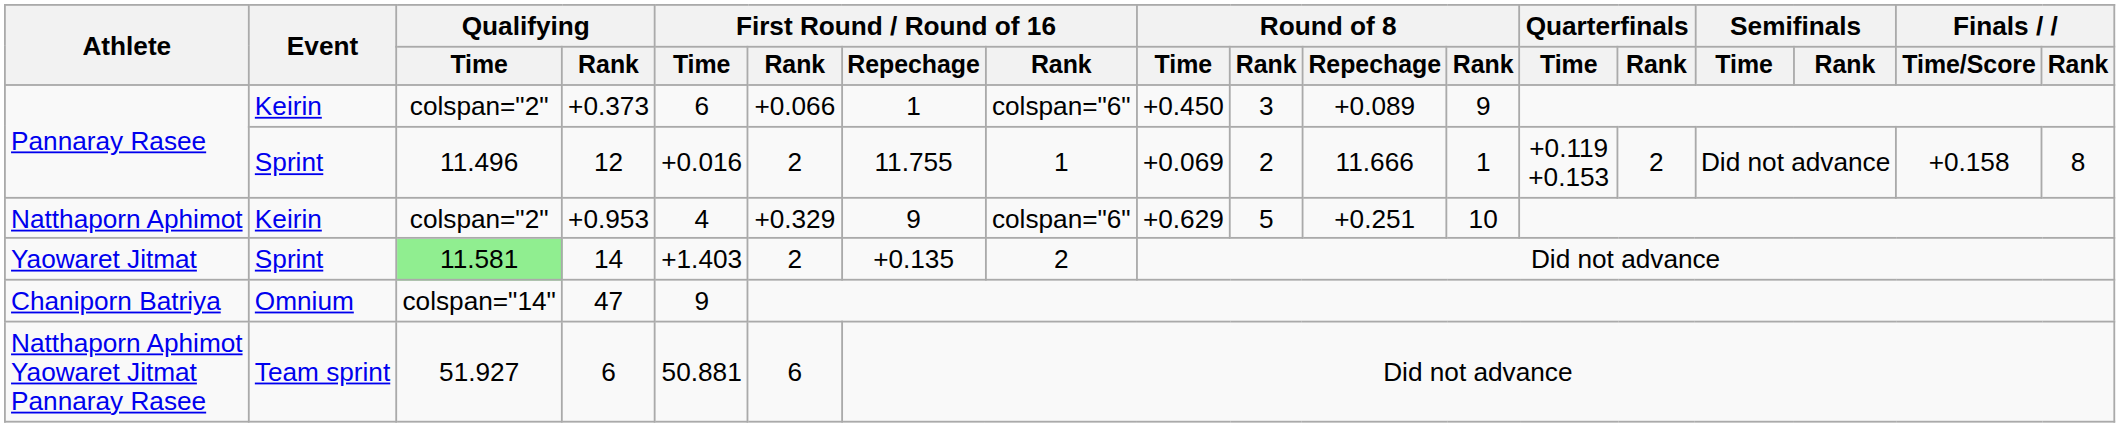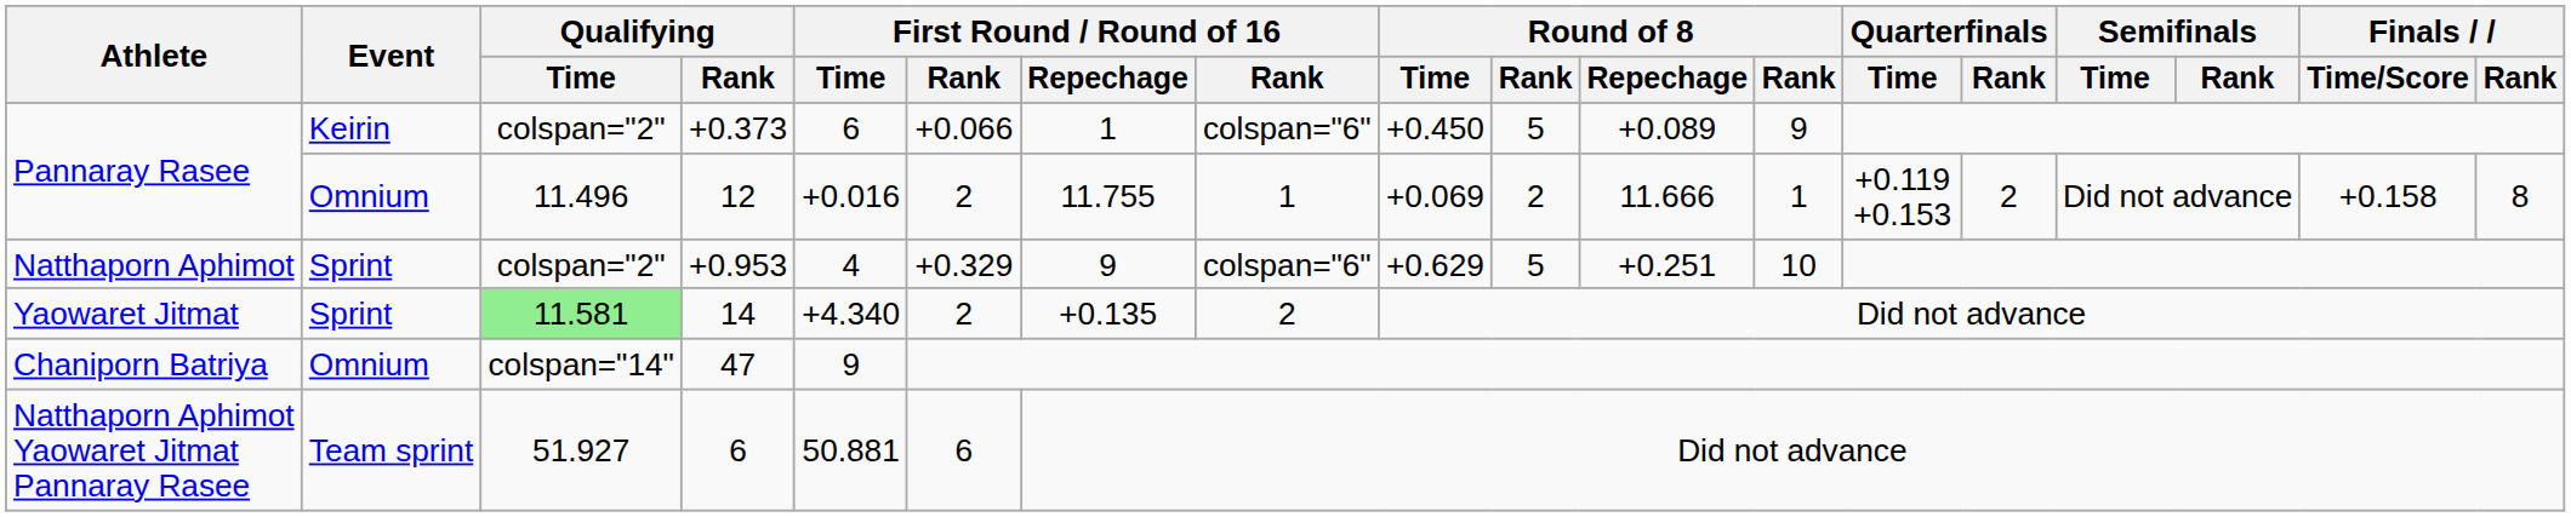 <table class="wikitable" style="font-size:90%;text-align:center">
 <tr>
 <th rowspan="2">Athlete</th>
 <th rowspan="2">Event</th>
 <th colspan="2">Qualifying</th>
 <th colspan="4">First Round / Round of 16</th>
 <th colspan="4">Round of 8</th>
 <th colspan="2">Quarterfinals</th>
 <th colspan="2">Semifinals</th>
 <th colspan="2">Finals /  / </th>
 </tr>
 <tr style=font-size:95%>
 <th>Time</th>
 <th>Rank</th>
 <th>Time</th>
 <th>Rank</th>
 <th>Repechage</th>
 <th>Rank</th>
 <th>Time</th>
 <th>Rank</th>
 <th>Repechage</th>
 <th>Rank</th>
 <th>Time</th>
 <th>Rank</th>
 <th>Time</th>
 <th>Rank</th>
 <th>Time/Score</th>
 <th>Rank</th>
 </tr>
 <tr>
 <td align="left" rowspan="2"><a href='#'>Pannaray Rasee</a></td>
 <td align="left"><a href='#'>Keirin</a></td>
 <td>colspan="2" </td>
 <td>+0.373</td>
 <td>6 <strong></strong></td>
 <td>+0.066</td>
 <td>1 <strong></strong></td>
 <td>colspan="6" </td>
 <td>+0.450</td>
-<td>3 <strong></strong></td>
+<td>5 <strong></strong></td>
 <td>+0.089</td>
 <td>9</td>
 </tr>
 <tr>
-<td align="left"><a href='#'>Sprint</a></td>
+<td align="left"><a href='#'>Omnium</a></td>
 <td>11.496</td>
 <td>12 <strong></strong></td>
 <td>+0.016</td>
 <td>2 <strong></strong></td>
 <td>11.755</td>
 <td>1 <strong></strong></td>
 <td>+0.069</td>
 <td>2 <strong></strong></td>
 <td>11.666</td>
 <td>1 <strong></strong></td>
 <td>+0.119<br>+0.153</td>
 <td>2 <strong></strong></td>
 <td colspan="2">Did not advance</td>
 <td>+0.158</td>
 <td>8</td>
 </tr>
 <tr>
 <td align="left"><a href='#'>Natthaporn Aphimot</a></td>
-<td align="left"><a href='#'>Keirin</a></td>
+<td align="left"><a href='#'>Sprint</a></td>
 <td>colspan="2" </td>
 <td>+0.953</td>
 <td>4 <strong></strong></td>
 <td>+0.329</td>
 <td>9 <strong></strong></td>
 <td>colspan="6" </td>
 <td>+0.629</td>
 <td>5 <strong></strong></td>
 <td>+0.251</td>
 <td>10</td>
 </tr>
 <tr>
 <td align="left"><a href='#'>Yaowaret Jitmat</a></td>
 <td align="left"><a href='#'>Sprint</a></td>
 <td style="background: lightgreen;">11.581</td>
 <td>14 <strong></strong></td>
-<td>+1.403</td>
+<td>+4.340</td>
 <td>2 <strong></strong></td>
 <td>+0.135</td>
 <td>2</td>
 <td colspan="10">Did not advance</td>
 </tr>
 <tr>
 <td align="left"><a href='#'>Chaniporn Batriya</a></td>
 <td align="left"><a href='#'>Omnium</a></td>
 <td>colspan="14" </td>
 <td>47</td>
 <td>9</td>
 </tr>
 <tr>
 <td align="left"><a href='#'>Natthaporn Aphimot</a><br><a href='#'>Yaowaret Jitmat</a><br><a href='#'>Pannaray Rasee</a></td>
 <td align="left"><a href='#'>Team sprint</a></td>
 <td>51.927</td>
 <td>6</td>
 <td>50.881</td>
 <td>6</td>
 <td colspan="12">Did not advance</td>
 </tr>
 </table>
